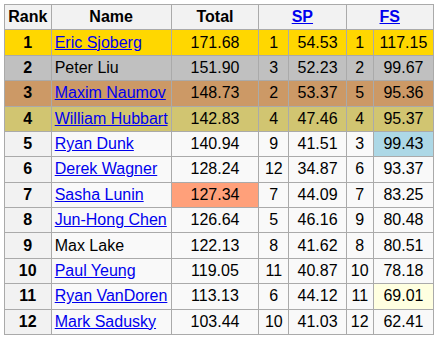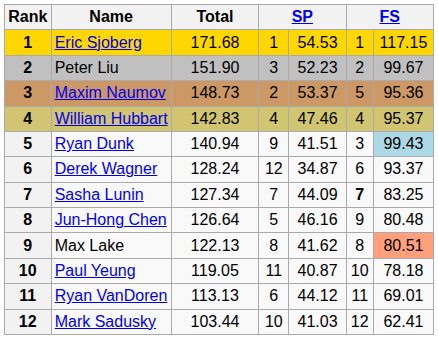 <table class="wikitable sortable">
 <tr>
 <th>Rank</th>
 <th>Name</th>
 <th width="80px">Total</th>
 <th colspan="2" width="80px"><a href='#'>SP</a></th>
 <th colspan="2" width="80px"><a href='#'>FS</a></th>
 </tr>
 <tr bgcolor="gold">
 <td align="center"><strong>1</strong></td>
 <td><a href='#'>Eric Sjoberg</a></td>
 <td align="center">171.68</td>
 <td align="center">1</td>
 <td align="center">54.53</td>
 <td align="center">1</td>
 <td align="center">117.15</td>
 </tr>
 <tr bgcolor="silver">
 <td align="center"><strong>2</strong></td>
 <td>Peter Liu</td>
 <td align="center">151.90</td>
 <td align="center">3</td>
 <td align="center">52.23</td>
 <td align="center">2</td>
 <td align="center">99.67</td>
 </tr>
 <tr bgcolor="cc9966">
 <td align="center"><strong>3</strong></td>
 <td><a href='#'>Maxim Naumov</a></td>
 <td align="center">148.73</td>
 <td align="center">2</td>
 <td align="center">53.37</td>
 <td align="center">5</td>
 <td align="center">95.36</td>
 </tr>
 <tr bgcolor="#d1c571">
 <td align="center"><strong>4</strong></td>
 <td><a href='#'>William Hubbart</a></td>
 <td align="center">142.83</td>
 <td align="center">4</td>
 <td align="center">47.46</td>
 <td align="center">4</td>
 <td align="center">95.37</td>
 </tr>
 <tr>
 <th>5</th>
 <td><a href='#'>Ryan Dunk</a></td>
 <td align="center">140.94</td>
 <td align="center">9</td>
 <td align="center">41.51</td>
 <td align="center">3</td>
 <td align="center" style="background: lightblue;">99.43</td>
 </tr>
 <tr>
 <th>6</th>
 <td><a href='#'>Derek Wagner</a></td>
 <td align="center">128.24</td>
 <td align="center">12</td>
 <td align="center">34.87</td>
 <td align="center">6</td>
 <td align="center">93.37</td>
 </tr>
 <tr>
 <th>7</th>
 <td><a href='#'>Sasha Lunin</a></td>
-<td align="center" style="background: lightsalmon;">127.34</td>
+<td align="center">127.34</td>
 <td align="center">7</td>
 <td align="center">44.09</td>
-<td align="center">7</td>
+<td align="center"><strong>7</strong></td>
 <td align="center">83.25</td>
 </tr>
 <tr>
 <th>8</th>
 <td><a href='#'>Jun-Hong Chen</a></td>
 <td align="center">126.64</td>
 <td align="center">5</td>
 <td align="center">46.16</td>
 <td align="center">9</td>
 <td align="center">80.48</td>
 </tr>
 <tr>
 <th>9</th>
 <td>Max Lake</td>
 <td align="center">122.13</td>
 <td align="center">8</td>
 <td align="center">41.62</td>
 <td align="center">8</td>
-<td align="center">80.51</td>
+<td align="center" style="background: lightsalmon;">80.51</td>
 </tr>
 <tr>
 <th>10</th>
 <td><a href='#'>Paul Yeung</a></td>
 <td align="center">119.05</td>
 <td align="center">11</td>
 <td align="center">40.87</td>
 <td align="center">10</td>
 <td align="center">78.18</td>
 </tr>
 <tr>
 <th>11</th>
 <td><a href='#'>Ryan VanDoren</a></td>
 <td align="center">113.13</td>
 <td align="center">6</td>
 <td align="center">44.12</td>
 <td align="center">11</td>
-<td align="center" style="background: lightyellow;">69.01</td>
+<td align="center">69.01</td>
 </tr>
 <tr>
 <th>12</th>
 <td><a href='#'>Mark Sadusky</a></td>
 <td align="center">103.44</td>
 <td align="center">10</td>
 <td align="center">41.03</td>
 <td align="center">12</td>
 <td align="center">62.41</td>
 </tr>
 </table>
